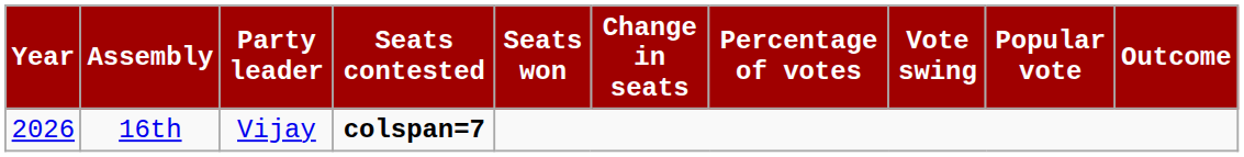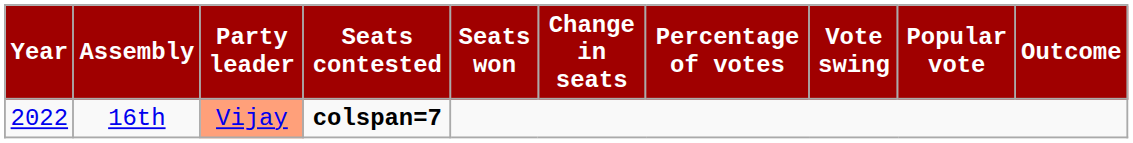 <table class="wikitable sortable" style="text-align:center;">
 <tr>
 <th style="background-color:#A00000;color:white">Year</th>
 <th style="background-color:#A00000;color:white">Assembly</th>
 <th style="background-color:#A00000;color:white">Party leader</th>
 <th style="background-color:#A00000;color:white">Seats contested</th>
 <th style="background-color:#A00000;color:white">Seats won</th>
 <th style="background-color:#A00000;color:white">Change in seats</th>
 <th style="background-color:#A00000;color:white">Percentage of votes</th>
 <th style="background-color:#A00000;color:white">Vote swing</th>
 <th style="background-color:#A00000;color:white">Popular vote</th>
 <th style="background-color:#A00000;color:white">Outcome</th>
 </tr>
 <tr>
-<td><a href='#'>2026</a></td>
+<td><a href='#'>2022</a></td>
 <td><a href='#'>16th</a></td>
-<td><a href='#'>Vijay</a></td>
+<td style="background: lightsalmon;"><a href='#'>Vijay</a></td>
 <td><strong>colspan=7 </strong></td>
 </tr>
 </table>
